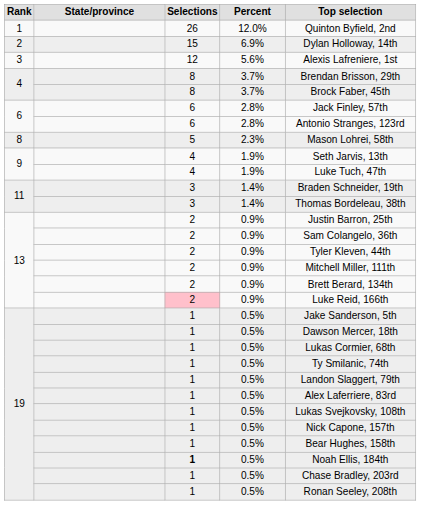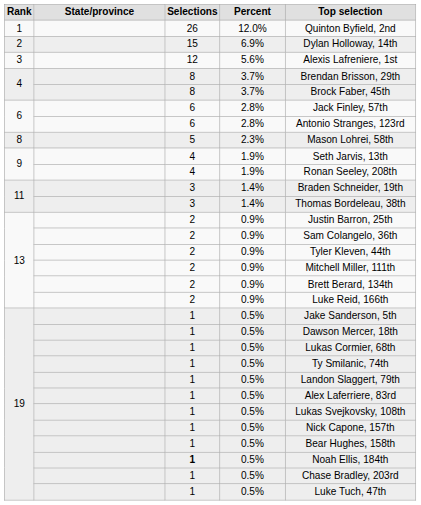 <table class="wikitable" style="text-align: center">
 <tr>
 <th style="background:#e0e0e0; width:2.5em;">Rank</th>
 <th style="background:#e0e0e0; width:12.5em;">State/province</th>
 <th style="background:#e0e0e0; width:4em;">Selections</th>
 <th style="background:#e0e0e0; width:6em;">Percent</th>
 <th style="background:#e0e0e0; width:12.5em;">Top selection</th>
 </tr>
 <tr>
 <td>1</td>
 <td style="text-align:left;"></td>
 <td>26</td>
 <td>12.0%</td>
 <td>Quinton Byfield, 2nd<br></td>
 </tr>
 <tr bgcolor="eeeeee">
 <td>2</td>
 <td style="text-align:left;"></td>
 <td>15</td>
 <td>6.9%</td>
 <td>Dylan Holloway, 14th<br></td>
 </tr>
 <tr>
 <td>3</td>
 <td style="text-align:left;"></td>
 <td>12</td>
 <td>5.6%</td>
 <td>Alexis Lafreniere, 1st<br></td>
 </tr>
 <tr bgcolor="eeeeee">
 <td rowspan="2">4</td>
 <td style="text-align:left;"></td>
 <td>8</td>
 <td>3.7%</td>
 <td>Brendan Brisson, 29th<br></td>
 </tr>
 <tr bgcolor="eeeeee">
 <td style="text-align:left;"></td>
 <td>8</td>
 <td>3.7%</td>
 <td>Brock Faber, 45th<br></td>
 </tr>
 <tr>
 <td rowspan="2">6</td>
 <td style="text-align:left;"></td>
 <td>6</td>
 <td>2.8%</td>
 <td>Jack Finley, 57th<br></td>
 </tr>
 <tr>
 <td style="text-align:left;"></td>
 <td>6</td>
 <td>2.8%</td>
 <td>Antonio Stranges, 123rd<br></td>
 </tr>
 <tr bgcolor="eeeeee">
 <td>8</td>
 <td style="text-align:left;"></td>
 <td>5</td>
 <td>2.3%</td>
 <td>Mason Lohrei, 58th<br></td>
 </tr>
 <tr>
 <td rowspan="2">9</td>
 <td style="text-align:left;"></td>
 <td>4</td>
 <td>1.9%</td>
 <td>Seth Jarvis, 13th<br></td>
 </tr>
 <tr>
 <td style="text-align:left;"></td>
 <td>4</td>
 <td>1.9%</td>
-<td>Luke Tuch, 47th<br></td>
+<td>Ronan Seeley, 208th<br></td>
 </tr>
 <tr bgcolor="eeeeee">
 <td rowspan="2">11</td>
 <td style="text-align:left;"></td>
 <td>3</td>
 <td>1.4%</td>
 <td>Braden Schneider, 19th<br></td>
 </tr>
 <tr bgcolor="eeeeee">
 <td style="text-align:left;"></td>
 <td>3</td>
 <td>1.4%</td>
 <td>Thomas Bordeleau, 38th<br></td>
 </tr>
 <tr>
 <td rowspan="6">13</td>
 <td style="text-align:left;"></td>
 <td>2</td>
 <td>0.9%</td>
 <td>Justin Barron, 25th<br></td>
 </tr>
 <tr>
 <td style="text-align:left;"></td>
 <td>2</td>
 <td>0.9%</td>
 <td>Sam Colangelo, 36th<br></td>
 </tr>
 <tr>
 <td style="text-align:left;"></td>
 <td>2</td>
 <td>0.9%</td>
 <td>Tyler Kleven, 44th<br></td>
 </tr>
 <tr>
 <td style="text-align:left;"></td>
 <td>2</td>
 <td>0.9%</td>
 <td>Mitchell Miller, 111th<br></td>
 </tr>
 <tr>
 <td style="text-align:left;"></td>
 <td>2</td>
 <td>0.9%</td>
 <td>Brett Berard, 134th<br></td>
 </tr>
 <tr>
 <td style="text-align:left;"></td>
-<td style="background: pink;">2</td>
+<td>2</td>
 <td>0.9%</td>
 <td>Luke Reid, 166th<br></td>
 </tr>
 <tr bgcolor="eeeeee">
 <td rowspan="12">19</td>
 <td style="text-align:left;"></td>
 <td>1</td>
 <td>0.5%</td>
 <td>Jake Sanderson, 5th<br></td>
 </tr>
 <tr bgcolor="eeeeee">
 <td style="text-align:left;"></td>
 <td>1</td>
 <td>0.5%</td>
 <td>Dawson Mercer, 18th<br></td>
 </tr>
 <tr bgcolor="eeeeee">
 <td style="text-align:left;"></td>
 <td>1</td>
 <td>0.5%</td>
 <td>Lukas Cormier, 68th<br></td>
 </tr>
 <tr bgcolor="eeeeee">
 <td style="text-align:left;"></td>
 <td>1</td>
 <td>0.5%</td>
 <td>Ty Smilanic, 74th<br></td>
 </tr>
 <tr bgcolor="eeeeee">
 <td style="text-align:left;"></td>
 <td>1</td>
 <td>0.5%</td>
 <td>Landon Slaggert, 79th<br></td>
 </tr>
 <tr bgcolor="eeeeee">
 <td style="text-align:left;"></td>
 <td>1</td>
 <td>0.5%</td>
 <td>Alex Laferriere, 83rd<br></td>
 </tr>
 <tr bgcolor="eeeeee">
 <td style="text-align:left;"></td>
 <td>1</td>
 <td>0.5%</td>
 <td>Lukas Svejkovsky, 108th<br></td>
 </tr>
 <tr bgcolor="eeeeee">
 <td style="text-align:left;"></td>
 <td>1</td>
 <td>0.5%</td>
 <td>Nick Capone, 157th<br></td>
 </tr>
 <tr bgcolor="eeeeee">
 <td style="text-align:left;"></td>
 <td>1</td>
 <td>0.5%</td>
 <td>Bear Hughes, 158th<br></td>
 </tr>
 <tr bgcolor="eeeeee">
 <td style="text-align:left;"></td>
 <td><strong>1</strong></td>
 <td>0.5%</td>
 <td>Noah Ellis, 184th<br></td>
 </tr>
 <tr bgcolor="eeeeee">
 <td style="text-align:left;"></td>
 <td>1</td>
 <td>0.5%</td>
 <td>Chase Bradley, 203rd<br></td>
 </tr>
 <tr bgcolor="eeeeee">
 <td style="text-align:left;"></td>
 <td>1</td>
 <td>0.5%</td>
-<td>Ronan Seeley, 208th<br></td>
+<td>Luke Tuch, 47th<br></td>
 </tr>
 </table>
